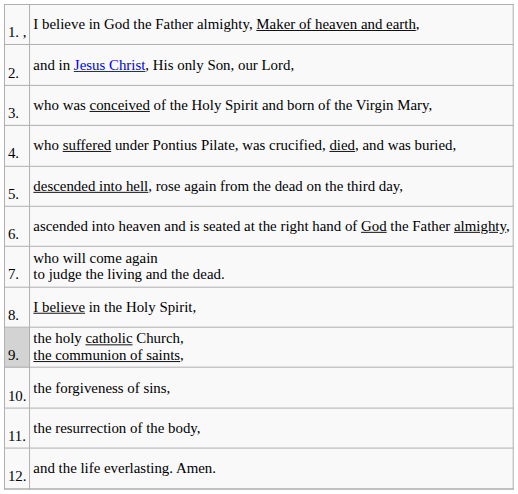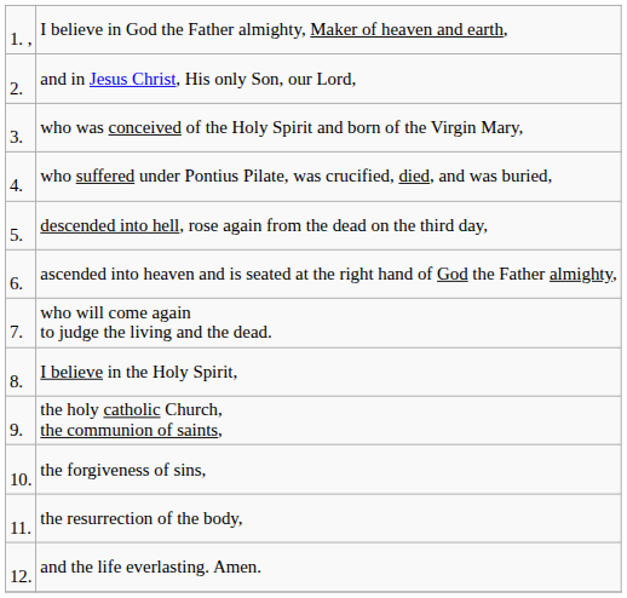 <table class="wikitable">
 <tr>
 <td><br>1. ,</td>
 <td>I believe in God the Father almighty, <u>Maker of heaven and earth</u>,</td>
 </tr>
 <tr>
 <td><br>2. </td>
 <td>and in <a href='#'>Jesus Christ</a>, His only Son, our Lord,</td>
 </tr>
 <tr>
 <td><br>3. </td>
 <td>who was <u>conceived</u> of the Holy Spirit and born of the Virgin Mary,</td>
 </tr>
 <tr>
 <td><br>4. </td>
 <td>who <u>suffered</u> under Pontius Pilate, was crucified, <u>died</u>, and was buried,</td>
 </tr>
 <tr>
 <td><br>5. </td>
 <td><u>descended into hell</u>, rose again from the dead on the third day,</td>
 </tr>
 <tr>
 <td><br>6. </td>
 <td>ascended into heaven and is seated at the right hand of <u>God</u> the Father <u>almighty</u>,</td>
 </tr>
 <tr>
 <td><br>7. </td>
 <td>who will come again<br>to judge the living and the dead.</td>
 </tr>
 <tr>
 <td><br>8. </td>
 <td><u>I believe</u> in the Holy Spirit,</td>
 </tr>
 <tr>
-<td style="background: lightgrey;"><br>9. </td>
+<td><br>9. </td>
 <td>the holy <u>catholic</u> Church,<br><u>the communion of saints</u>,</td>
 </tr>
 <tr>
 <td><br>10. </td>
 <td>the forgiveness of sins,</td>
 </tr>
 <tr>
 <td><br>11. </td>
 <td>the resurrection of the body,</td>
 </tr>
 <tr>
 <td><br>12. </td>
 <td>and the life everlasting. Amen.</td>
 </tr>
 <tr>
 </tr>
 </table>
